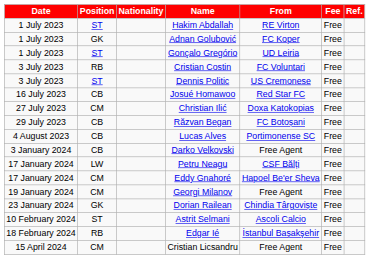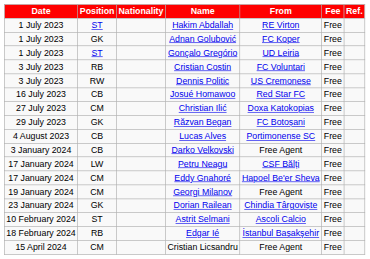 <table class="wikitable"  style="text-align:center; font-size:90%; ">
 <tr>
 <th style="background:red;color:white;">Date</th>
 <th style="background:red;color:white;">Position</th>
 <th style="background:red;color:white;">Nationality</th>
 <th style="background:red;color:white;">Name</th>
 <th style="background:red;color:white;">From</th>
 <th style="background:red;color:white;">Fee</th>
 <th style="background:red;color:white;">Ref.</th>
 </tr>
 <tr>
 <td>1 July 2023</td>
 <td><a href='#'>ST</a></td>
 <td></td>
 <td><a href='#'>Hakim Abdallah</a></td>
 <td> <a href='#'>RE Virton</a></td>
 <td>Free</td>
 <td></td>
 </tr>
 <tr>
 <td>1 July 2023</td>
 <td>GK</td>
 <td></td>
 <td><a href='#'>Adnan Golubović</a></td>
 <td> <a href='#'>FC Koper</a></td>
 <td>Free</td>
 <td></td>
 </tr>
 <tr>
 <td>1 July 2023</td>
 <td><a href='#'>ST</a></td>
 <td></td>
 <td><a href='#'>Gonçalo Gregório</a></td>
 <td> <a href='#'>UD Leiria</a></td>
 <td>Free</td>
 <td></td>
 </tr>
 <tr>
 <td>3 July 2023</td>
 <td>RB</td>
 <td></td>
 <td><a href='#'>Cristian Costin</a></td>
 <td><a href='#'>FC Voluntari</a></td>
 <td>Free</td>
 <td></td>
 </tr>
 <tr>
 <td>3 July 2023</td>
-<td><a href='#'>ST</a></td>
+<td>RW</td>
 <td></td>
 <td><a href='#'>Dennis Politic</a></td>
 <td> <a href='#'>US Cremonese</a></td>
 <td>Free</td>
 <td></td>
 </tr>
 <tr>
 <td>16 July 2023</td>
 <td>CB</td>
 <td></td>
 <td><a href='#'>Josué Homawoo</a></td>
 <td> <a href='#'>Red Star FC</a></td>
 <td>Free</td>
 <td></td>
 </tr>
 <tr>
 <td>27 July 2023</td>
 <td>CM</td>
 <td></td>
 <td><a href='#'>Christian Ilić</a></td>
 <td> <a href='#'>Doxa Katokopias</a></td>
 <td>Free</td>
 <td></td>
 </tr>
 <tr>
 <td>29 July 2023</td>
-<td>CB</td>
+<td>GK</td>
 <td></td>
 <td><a href='#'>Răzvan Began</a></td>
 <td><a href='#'>FC Botoșani</a></td>
 <td>Free</td>
 <td></td>
 </tr>
 <tr>
 <td>4 August 2023</td>
 <td>CB</td>
 <td></td>
 <td><a href='#'>Lucas Alves</a></td>
 <td> <a href='#'>Portimonense SC</a></td>
 <td>Free</td>
 <td></td>
 </tr>
 <tr>
 <td>3 January 2024</td>
 <td>CB</td>
 <td></td>
 <td><a href='#'>Darko Velkovski</a></td>
 <td>Free Agent</td>
 <td>Free</td>
 <td></td>
 </tr>
 <tr>
 <td>17 January 2024</td>
 <td>LW</td>
 <td></td>
 <td><a href='#'>Petru Neagu</a></td>
 <td> <a href='#'>CSF Bălți</a></td>
 <td>Free</td>
 <td></td>
 </tr>
 <tr>
 <td>17 January 2024</td>
 <td>CM</td>
 <td></td>
 <td><a href='#'>Eddy Gnahoré</a></td>
 <td> <a href='#'>Hapoel Be'er Sheva</a></td>
 <td>Free</td>
 <td></td>
 </tr>
 <tr>
 <td>19 January 2024</td>
 <td>CM</td>
 <td></td>
 <td><a href='#'>Georgi Milanov</a></td>
 <td>Free Agent</td>
 <td>Free</td>
 <td></td>
 </tr>
 <tr>
 <td>23 January 2024</td>
 <td>GK</td>
 <td></td>
 <td><a href='#'>Dorian Railean</a></td>
 <td><a href='#'>Chindia Târgoviște</a></td>
 <td>Free</td>
 <td></td>
 </tr>
 <tr>
 <td>10 February 2024</td>
 <td>ST</td>
 <td></td>
 <td><a href='#'>Astrit Selmani</a></td>
 <td> <a href='#'>Ascoli Calcio</a></td>
 <td>Free</td>
 <td></td>
 </tr>
 <tr>
 <td>18 February 2024</td>
 <td>RB</td>
 <td></td>
 <td><a href='#'>Edgar Ié</a></td>
 <td> <a href='#'>İstanbul Başakşehir</a></td>
 <td>Free</td>
 <td></td>
 </tr>
 <tr>
 <td>15 April 2024</td>
 <td>CM</td>
 <td></td>
 <td>Cristian Licsandru</td>
 <td>Free Agent</td>
 <td>Free</td>
 <td></td>
 </tr>
 </table>
